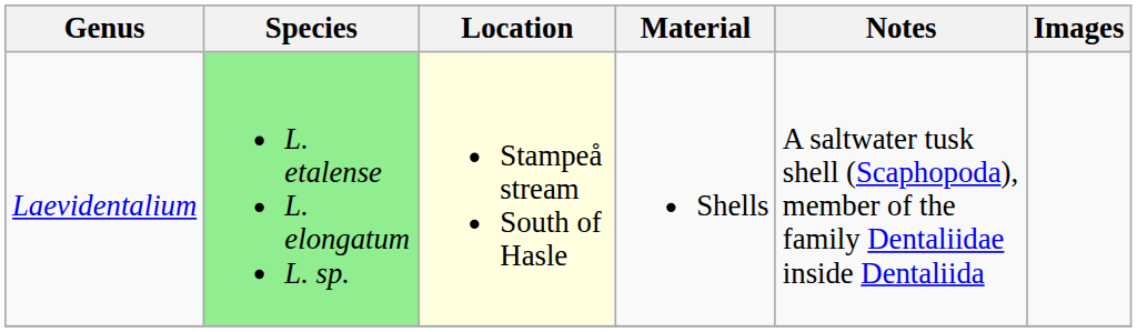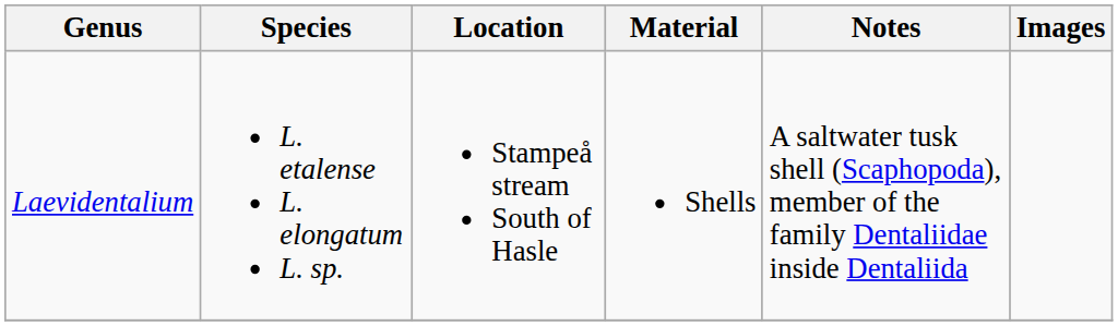 <table class="wikitable" align="center">
 <tr>
 <th>Genus</th>
 <th>Species</th>
 <th>Location</th>
 <th>Material</th>
 <th>Notes</th>
 <th>Images</th>
 </tr>
 <tr>
 <td><br><em><a href='#'>Laevidentalium</a></em></td>
-<td style="background: lightgreen;"><br><ul><li><em>L. etalense</em></li><li><em>L. elongatum</em></li><li><em>L. sp.</em></li></ul></td>
-<td style="background: lightyellow;"><br><ul><li>Stampeå stream</li><li>South of Hasle</li></ul></td>
+<td><br><ul><li><em>L. etalense</em></li><li><em>L. elongatum</em></li><li><em>L. sp.</em></li></ul></td>
+<td><br><ul><li>Stampeå stream</li><li>South of Hasle</li></ul></td>
 <td><br><ul><li>Shells</li></ul></td>
 <td><br>A saltwater tusk shell (<a href='#'>Scaphopoda</a>), member of the family <a href='#'>Dentaliidae</a> inside <a href='#'>Dentaliida</a></td>
 <td><br></td>
 </tr>
 <tr>
 </tr>
 </table>
